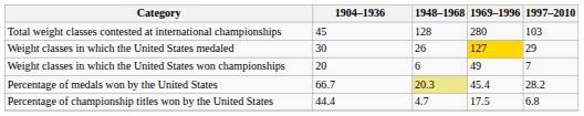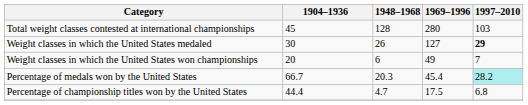 <table class="wikitable sortable" style="font-size: 100%">
 <tr>
 <th width=435>Category</th>
 <th width=135>1904–1936  </th>
 <th  width=135>1948–1968</th>
 <th  width=135>1969–1996</th>
 <th  width=135>1997–2010</th>
 </tr>
 <tr>
 <td>Total weight classes contested at international championships</td>
 <td>45</td>
 <td>128</td>
 <td>280</td>
 <td>103</td>
 </tr>
 <tr>
 <td>Weight classes in which the United States medaled</td>
 <td>30</td>
 <td>26</td>
-<td style="background: gold;">127</td>
-<td>29  </td>
+<td>127</td>
+<td><strong>29  </strong></td>
 </tr>
 <tr>
 <td>Weight classes in which the United States won championships</td>
 <td>20</td>
 <td>6</td>
 <td>49</td>
 <td>7</td>
 </tr>
 <tr>
 <td>Percentage of medals won by the United States</td>
 <td>66.7  </td>
-<td style="background: khaki;">20.3</td>
+<td>20.3</td>
 <td>45.4</td>
-<td>28.2</td>
+<td style="background: paleturquoise;">28.2</td>
 </tr>
 <tr>
 <td>Percentage of championship titles won by the United States</td>
 <td>44.4  </td>
 <td>4.7</td>
 <td>17.5</td>
 <td>6.8</td>
 </tr>
 <tr>
 </tr>
 </table>
